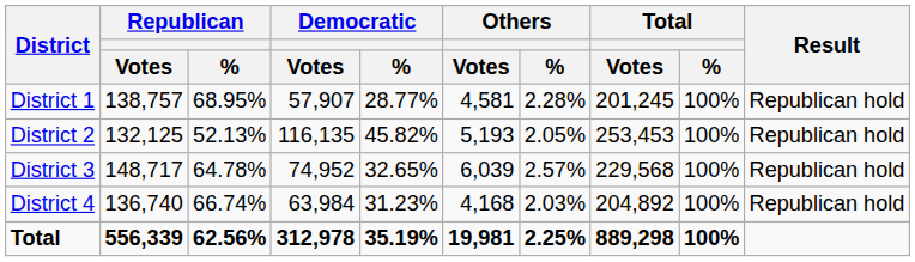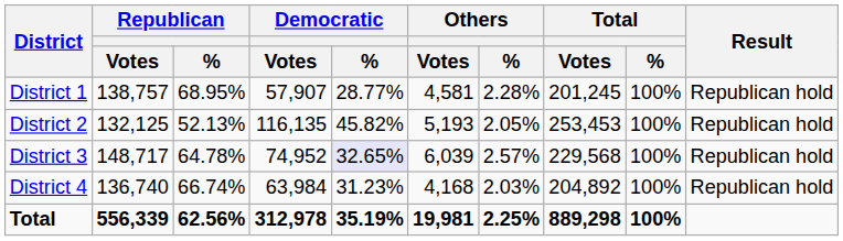 <table class="wikitable plainrowheaders sortable" style="font-size:100%; text-align:right;">
 <tr>
 <th rowspan="3" scope="col"><a href='#'>District</a></th>
 <th colspan="2" scope="col"><a href='#'>Republican</a></th>
 <th colspan="2" scope="col"><a href='#'>Democratic</a></th>
 <th colspan="2" scope="col">Others</th>
 <th colspan="2" scope="col">Total</th>
 <th rowspan="3" scope="col">Result</th>
 </tr>
 <tr>
 <th colspan="2" scope="col" style="background:"></th>
 <th colspan="2" scope="col" style="background:"></th>
 <th colspan="2" scope="col"></th>
 <th colspan="2" scope="col"></th>
 </tr>
 <tr>
 <th data-sort-type="number" scope="col">Votes</th>
 <th data-sort-type="number" scope="col">%</th>
 <th data-sort-type="number" scope="col">Votes</th>
 <th data-sort-type="number" scope="col">%</th>
 <th data-sort-type="number" scope="col">Votes</th>
 <th data-sort-type="number" scope="col">%</th>
 <th data-sort-type="number" scope="col">Votes</th>
 <th data-sort-type="number" scope="col">%</th>
 </tr>
 <tr>
 <td align="left"><a href='#'>District 1</a></td>
 <td>138,757</td>
 <td>68.95%</td>
 <td>57,907</td>
 <td>28.77%</td>
 <td>4,581</td>
 <td>2.28%</td>
 <td>201,245</td>
 <td>100%</td>
 <td align="left">Republican hold</td>
 </tr>
 <tr>
 <td align="left"><a href='#'>District 2</a></td>
 <td>132,125</td>
 <td>52.13%</td>
 <td>116,135</td>
 <td>45.82%</td>
 <td>5,193</td>
 <td>2.05%</td>
 <td>253,453</td>
 <td>100%</td>
 <td align="left">Republican hold</td>
 </tr>
 <tr>
 <td align="left"><a href='#'>District 3</a></td>
 <td>148,717</td>
 <td>64.78%</td>
 <td>74,952</td>
-<td>32.65%</td>
+<td style="background: lavender;">32.65%</td>
 <td>6,039</td>
 <td>2.57%</td>
 <td>229,568</td>
 <td>100%</td>
 <td align="left">Republican hold</td>
 </tr>
 <tr>
 <td align="left"><a href='#'>District 4</a></td>
 <td>136,740</td>
 <td>66.74%</td>
 <td>63,984</td>
 <td>31.23%</td>
 <td>4,168</td>
 <td>2.03%</td>
 <td>204,892</td>
 <td>100%</td>
 <td align="left">Republican hold</td>
 </tr>
 <tr class="sortbottom" style="font-weight:bold">
 <td align="left">Total</td>
 <td>556,339</td>
 <td>62.56%</td>
 <td>312,978</td>
 <td>35.19%</td>
 <td>19,981</td>
 <td>2.25%</td>
 <td>889,298</td>
 <td>100%</td>
 <td></td>
 </tr>
 </table>
